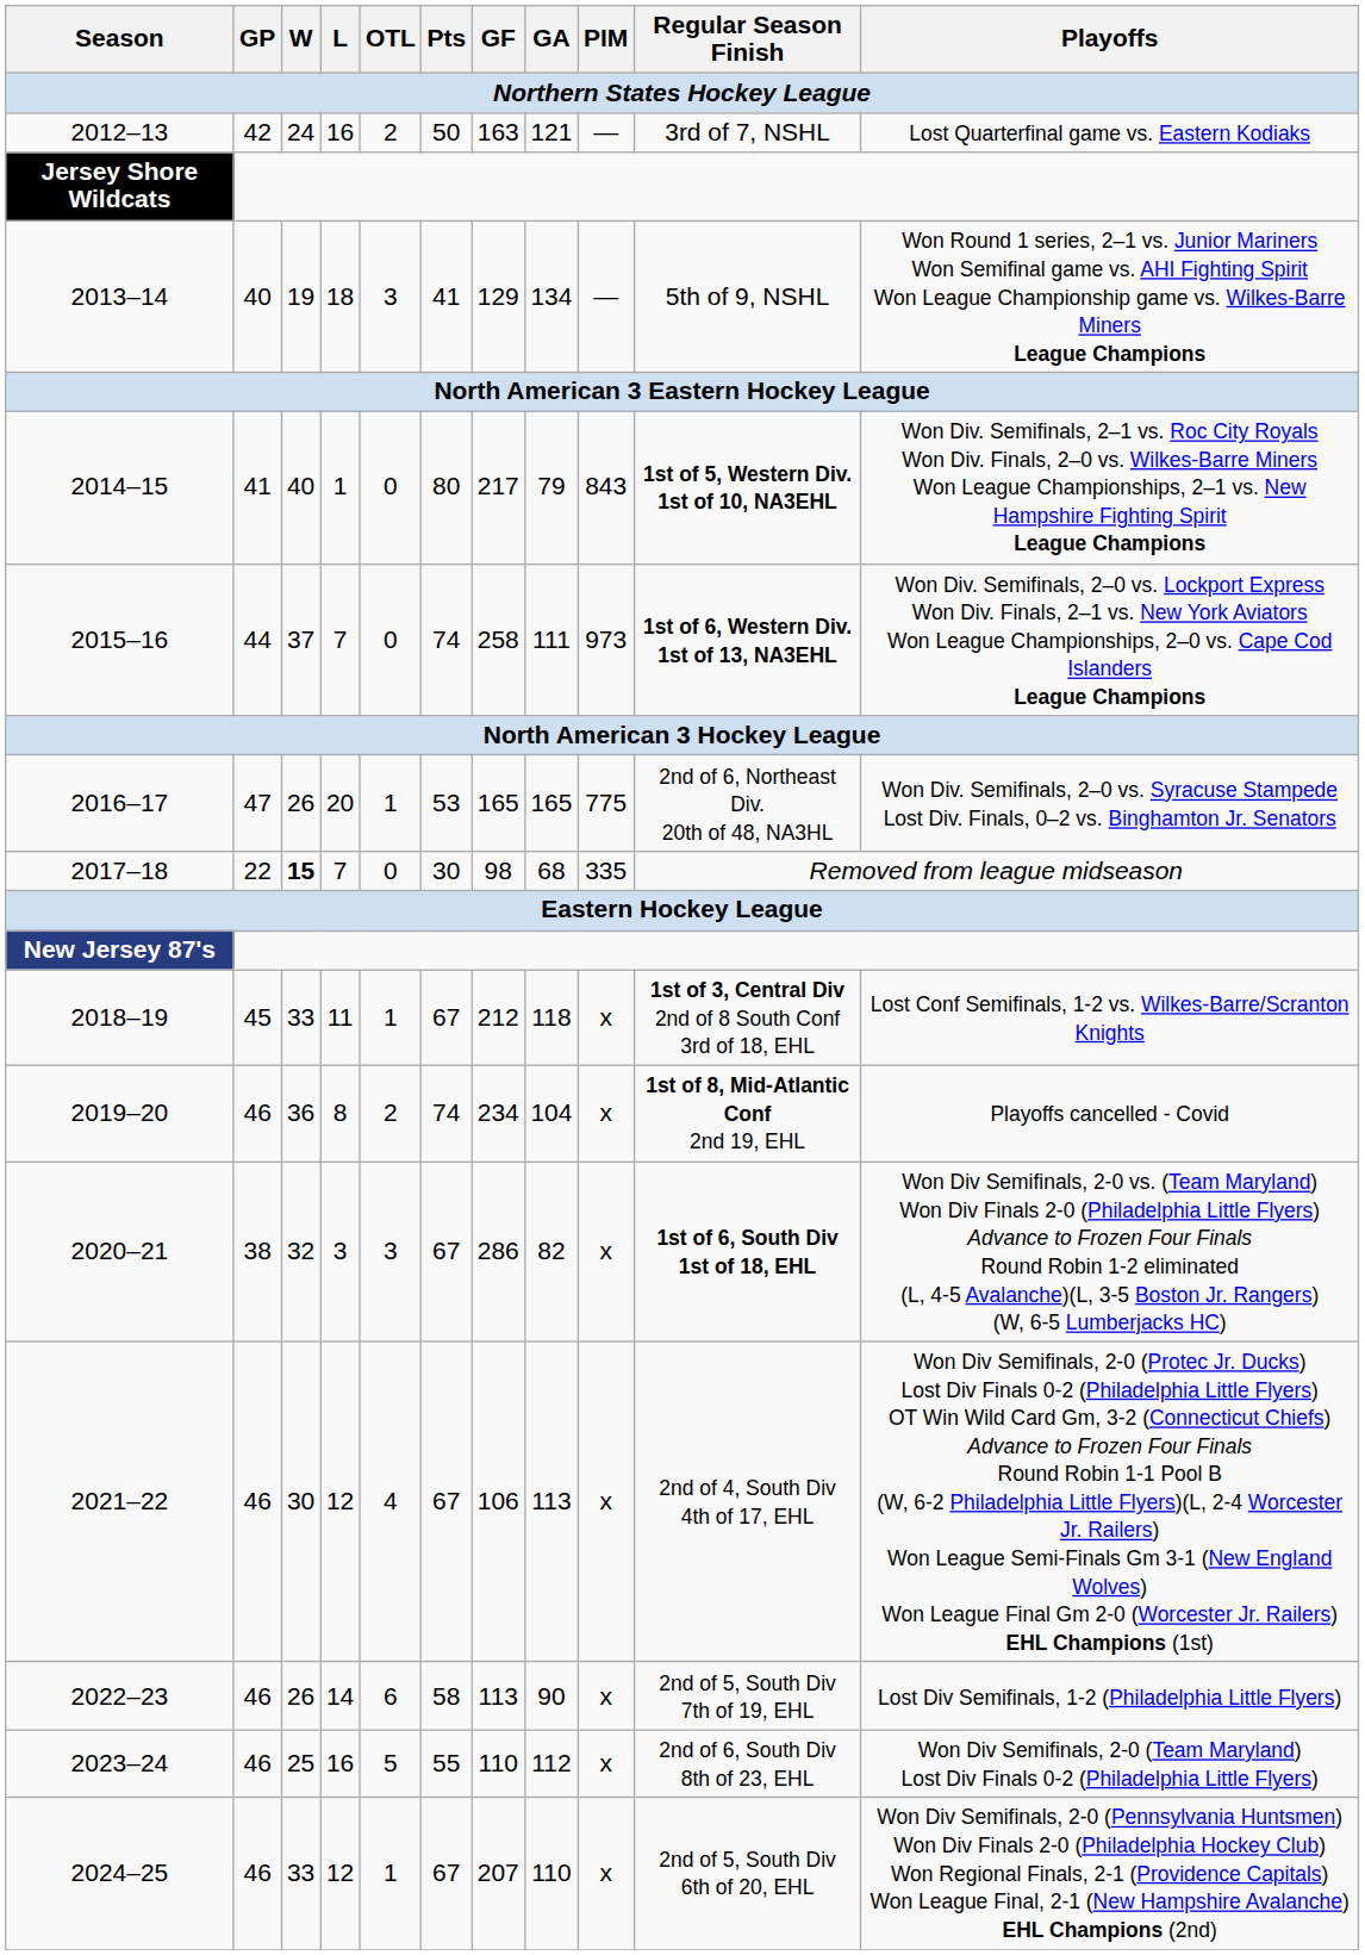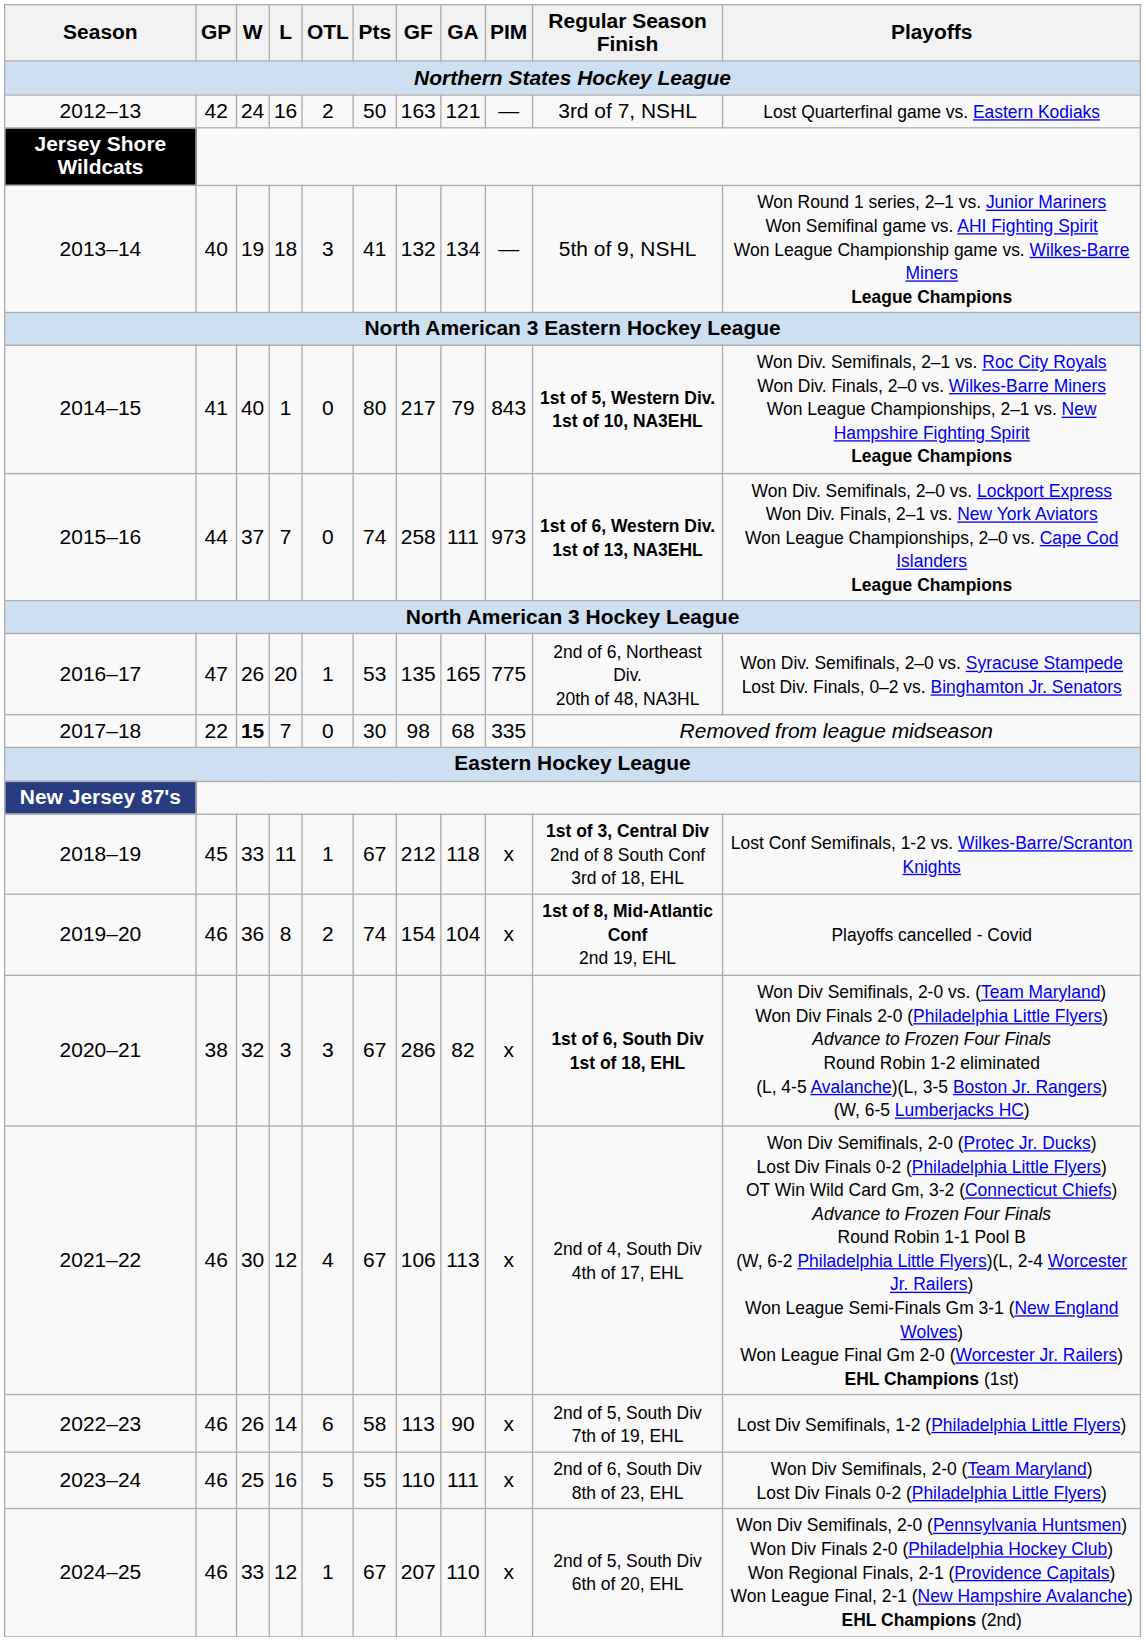 <table class = "wikitable" style="text-align:center">
 <tr>
 <th>Season</th>
 <th>GP</th>
 <th>W</th>
 <th>L</th>
 <th>OTL</th>
 <th>Pts</th>
 <th>GF</th>
 <th>GA</th>
 <th>PIM</th>
 <th>Regular Season Finish</th>
 <th>Playoffs</th>
 </tr>
 <tr style="background:#cedff2;">
 <td colspan="11"><strong><em>Northern States Hockey League</em></strong></td>
 </tr>
 <tr>
 <td>2012–13</td>
 <td>42</td>
 <td>24</td>
 <td>16</td>
 <td>2</td>
 <td>50</td>
 <td>163</td>
 <td>121</td>
 <td>—</td>
 <td>3rd of 7, NSHL</td>
 <td><small>Lost Quarterfinal game vs. <a href='#'>Eastern Kodiaks</a></small></td>
 </tr>
 <tr align="center">
 <td style="color:white; background:#000000; "><strong>Jersey Shore Wildcats</strong></td>
 </tr>
 <tr>
 <td>2013–14</td>
 <td>40</td>
 <td>19</td>
 <td>18</td>
 <td>3</td>
 <td>41</td>
-<td>129</td>
+<td>132</td>
 <td>134</td>
 <td>—</td>
 <td>5th of 9, NSHL</td>
 <td><small>Won Round 1 series, 2–1 vs. <a href='#'>Junior Mariners</a><br>Won Semifinal game vs. <a href='#'>AHI Fighting Spirit</a><br>Won League Championship game vs. <a href='#'>Wilkes-Barre Miners</a><br><strong>League Champions</strong></small></td>
 </tr>
 <tr style="background:#cedff2;">
 <td colspan="20"><strong>North American 3 Eastern Hockey League</strong></td>
 </tr>
 <tr>
 <td>2014–15</td>
 <td>41</td>
 <td>40</td>
 <td>1</td>
 <td>0</td>
 <td>80</td>
 <td>217</td>
 <td>79</td>
 <td>843</td>
 <td><small><strong>1st of 5, Western Div.<br>1st of 10, NA3EHL</strong></small></td>
 <td><small>Won Div. Semifinals, 2–1 vs. <a href='#'>Roc City Royals</a><br>Won Div. Finals, 2–0 vs. <a href='#'>Wilkes-Barre Miners</a><br>Won League Championships, 2–1 vs. <a href='#'>New Hampshire Fighting Spirit</a><br><strong>League Champions</strong></small></td>
 </tr>
 <tr>
 <td>2015–16</td>
 <td>44</td>
 <td>37</td>
 <td>7</td>
 <td>0</td>
 <td>74</td>
 <td>258</td>
 <td>111</td>
 <td>973</td>
 <td><small><strong>1st of 6, Western Div.<br>1st of 13, NA3EHL</strong></small></td>
 <td><small>Won Div. Semifinals, 2–0 vs. <a href='#'>Lockport Express</a><br>Won Div. Finals, 2–1 vs. <a href='#'>New York Aviators</a><br>Won League Championships, 2–0 vs. <a href='#'>Cape Cod Islanders</a><br><strong>League Champions</strong></small></td>
 </tr>
 <tr style="background:#cedff2;">
 <td colspan="20"><strong>North American 3 Hockey League</strong></td>
 </tr>
 <tr>
 <td>2016–17</td>
 <td>47</td>
 <td>26</td>
 <td>20</td>
 <td>1</td>
 <td>53</td>
-<td>165</td>
+<td>135</td>
 <td>165</td>
 <td>775</td>
 <td><small>2nd of 6, Northeast Div.<br>20th of 48, NA3HL</small></td>
 <td><small>Won Div. Semifinals, 2–0 vs. <a href='#'>Syracuse Stampede</a><br>Lost Div. Finals, 0–2 vs. <a href='#'>Binghamton Jr. Senators</a></small></td>
 </tr>
 <tr>
 <td>2017–18</td>
 <td>22</td>
 <td><strong>15</strong></td>
 <td>7</td>
 <td>0</td>
 <td>30</td>
 <td>98</td>
 <td>68</td>
 <td>335</td>
 <td colspan=2><em>Removed from league midseason</em></td>
 </tr>
 <tr style="background:#cedff2;gold">
 <td colspan="20"><strong>Eastern Hockey League</strong></td>
 </tr>
 <tr align="center">
 <td style="color:white; background:#263b80; "><strong>New Jersey 87's</strong></td>
 </tr>
 <tr>
 <td>2018–19</td>
 <td>45</td>
 <td>33</td>
 <td>11</td>
 <td>1</td>
 <td>67</td>
 <td>212</td>
 <td>118</td>
 <td>x</td>
 <td><small><strong>1st of 3, Central Div</strong><br>2nd of 8 South Conf<br>3rd of 18, EHL</small></td>
 <td><small>Lost Conf Semifinals, 1-2 vs. <a href='#'>Wilkes-Barre/Scranton Knights</a></small></td>
 </tr>
 <tr>
 <td>2019–20</td>
 <td>46</td>
 <td>36</td>
 <td>8</td>
 <td>2</td>
 <td>74</td>
-<td>234</td>
+<td>154</td>
 <td>104</td>
 <td>x</td>
 <td><small><strong>1st of 8, Mid-Atlantic Conf</strong><br>2nd 19, EHL</small></td>
 <td><small>Playoffs cancelled - Covid</small></td>
 </tr>
 <tr>
 <td>2020–21</td>
 <td>38</td>
 <td>32</td>
 <td>3</td>
 <td>3</td>
 <td>67</td>
 <td>286</td>
 <td>82</td>
 <td>x</td>
 <td><small><strong>1st of 6, South Div</strong><br><strong>1st of 18, EHL</strong></small></td>
 <td><small>Won Div Semifinals, 2-0 vs. (<a href='#'>Team Maryland</a>)<br>Won Div Finals 2-0 (<a href='#'>Philadelphia Little Flyers</a>)<br><em>Advance to Frozen Four Finals</em><br>Round Robin 1-2 eliminated<br>(L, 4-5 <a href='#'>Avalanche</a>)(L, 3-5 <a href='#'>Boston Jr. Rangers</a>)<br>(W, 6-5 <a href='#'>Lumberjacks HC</a>)</small></td>
 </tr>
 <tr>
 <td>2021–22</td>
 <td>46</td>
 <td>30</td>
 <td>12</td>
 <td>4</td>
 <td>67</td>
 <td>106</td>
 <td>113</td>
 <td>x</td>
 <td><small>2nd of 4, South Div<br>4th of 17, EHL</small></td>
 <td><small>Won Div Semifinals, 2-0 (<a href='#'>Protec Jr. Ducks</a>)<br>Lost Div Finals 0-2 (<a href='#'>Philadelphia Little Flyers</a>)<br>OT Win Wild Card Gm, 3-2 (<a href='#'>Connecticut Chiefs</a>)<br><em>Advance to Frozen Four Finals</em><br>Round Robin 1-1 Pool B<br>(W, 6-2 <a href='#'>Philadelphia Little Flyers</a>)(L, 2-4 <a href='#'>Worcester Jr. Railers</a>)</small><br><small>Won League Semi-Finals Gm 3-1 (<a href='#'>New England Wolves</a>)<br>Won League Final Gm 2-0 (<a href='#'>Worcester Jr. Railers</a>)<br><strong>EHL Champions</strong> (1st)</small></td>
 </tr>
 <tr>
 <td>2022–23</td>
 <td>46</td>
 <td>26</td>
 <td>14</td>
 <td>6</td>
 <td>58</td>
 <td>113</td>
 <td>90</td>
 <td>x</td>
 <td><small>2nd of 5, South Div<br>7th of 19, EHL</small></td>
 <td><small>Lost Div Semifinals, 1-2 (<a href='#'>Philadelphia Little Flyers</a>)</small></td>
 </tr>
 <tr>
 <td>2023–24</td>
 <td>46</td>
 <td>25</td>
 <td>16</td>
 <td>5</td>
 <td>55</td>
 <td>110</td>
-<td>112</td>
+<td>111</td>
 <td>x</td>
 <td><small>2nd of 6, South Div<br>8th of 23, EHL</small></td>
 <td><small>Won Div Semifinals, 2-0 (<a href='#'>Team Maryland</a>)<br>Lost Div Finals 0-2 (<a href='#'>Philadelphia Little Flyers</a>)</small></td>
 </tr>
 <tr>
 <td>2024–25</td>
 <td>46</td>
 <td>33</td>
 <td>12</td>
 <td>1</td>
 <td>67</td>
 <td>207</td>
 <td>110</td>
 <td>x</td>
 <td><small>2nd of 5, South Div<br>6th of 20, EHL</small></td>
 <td><small>Won Div Semifinals, 2-0 (<a href='#'>Pennsylvania Huntsmen</a>)<br>Won Div Finals 2-0 (<a href='#'>Philadelphia Hockey Club</a>)<br>Won Regional Finals, 2-1 (<a href='#'>Providence Capitals</a>)<br>Won League Final, 2-1 (<a href='#'>New Hampshire Avalanche</a>)<br><strong>EHL Champions</strong> (2nd)</small></td>
 </tr>
 </table>
